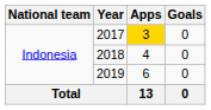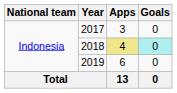 <table class="wikitable" style="text-align:center">
 <tr>
 <th>National team</th>
 <th>Year</th>
 <th>Apps</th>
 <th>Goals</th>
 </tr>
 <tr>
 <td rowspan=3><a href='#'>Indonesia</a></td>
 <td>2017</td>
-<td style="background: gold;">3</td>
+<td>3</td>
 <td>0</td>
 </tr>
 <tr>
 <td>2018</td>
-<td>4</td>
-<td>0</td>
+<td style="background: khaki;">4</td>
+<td style="background: paleturquoise;">0</td>
 </tr>
 <tr>
 <td>2019</td>
 <td>6</td>
 <td>0</td>
 </tr>
 <tr>
 <th colspan=2>Total</th>
 <th>13</th>
 <th>0</th>
 </tr>
 </table>
